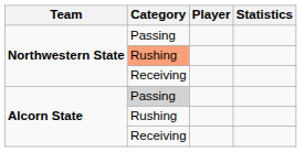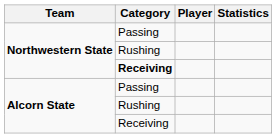 <table class="wikitable" style="float: left;">
 <tr>
 <th>Team</th>
 <th>Category</th>
 <th>Player</th>
 <th>Statistics</th>
 </tr>
 <tr>
 <td rowspan=3><strong>Northwestern State</strong></td>
 <td>Passing</td>
 <td> </td>
 <td> </td>
 </tr>
 <tr>
-<td style="background: lightsalmon;">Rushing</td>
+<td>Rushing</td>
 <td> </td>
 <td> </td>
 </tr>
 <tr>
-<td>Receiving</td>
+<td><strong>Receiving</strong></td>
 <td> </td>
 <td> </td>
 </tr>
 <tr>
 <td rowspan=3><strong>Alcorn State</strong></td>
-<td style="background: lightgrey;">Passing</td>
+<td>Passing</td>
 <td> </td>
 <td> </td>
 </tr>
 <tr>
 <td>Rushing</td>
 <td> </td>
 <td> </td>
 </tr>
 <tr>
 <td>Receiving</td>
 <td> </td>
 <td> </td>
 </tr>
 </table>
